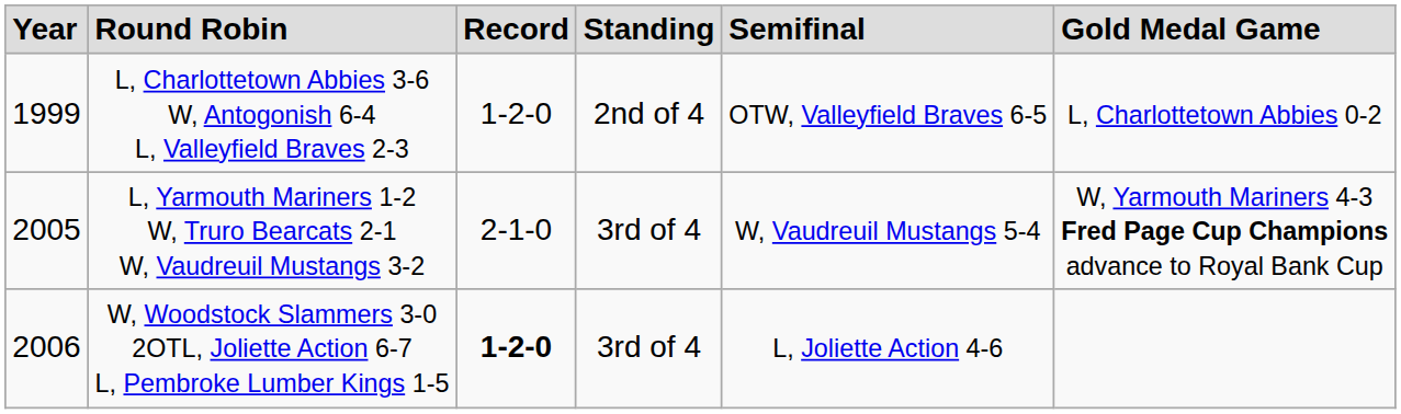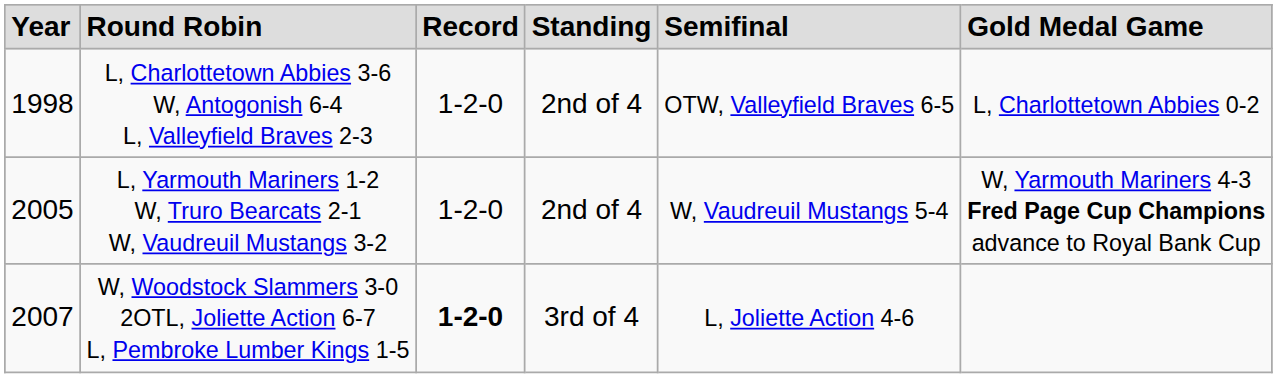 <table class="wikitable">
 <tr style="font-weight:bold; background-color:#dddddd;" |>
 <td>Year</td>
 <td>Round Robin</td>
 <td>Record</td>
 <td>Standing</td>
 <td>Semifinal</td>
 <td>Gold Medal Game</td>
 </tr>
 <tr align=center>
-<td>1999</td>
+<td>1998</td>
 <td><small>L, <a href='#'>Charlottetown Abbies</a> 3-6<br>W, <a href='#'>Antogonish</a> 6-4<br>L, <a href='#'>Valleyfield Braves</a> 2-3</small></td>
 <td>1-2-0</td>
 <td>2nd of 4</td>
 <td><small>OTW, <a href='#'>Valleyfield Braves</a> 6-5</small></td>
 <td><small>L, <a href='#'>Charlottetown Abbies</a> 0-2</small></td>
 </tr>
 <tr align=center>
 <td>2005</td>
 <td><small>L, <a href='#'>Yarmouth Mariners</a> 1-2<br>W, <a href='#'>Truro Bearcats</a> 2-1<br>W, <a href='#'>Vaudreuil Mustangs</a> 3-2</small></td>
-<td>2-1-0</td>
-<td>3rd of 4</td>
+<td>1-2-0</td>
+<td>2nd of 4</td>
 <td><small>W, <a href='#'>Vaudreuil Mustangs</a> 5-4</small></td>
 <td><small>W, <a href='#'>Yarmouth Mariners</a> 4-3<br><strong>Fred Page Cup Champions</strong><br> advance to Royal Bank Cup</small></td>
 </tr>
 <tr align=center>
-<td>2006</td>
+<td>2007</td>
 <td><small>W, <a href='#'>Woodstock Slammers</a> 3-0<br>2OTL, <a href='#'>Joliette Action</a> 6-7<br>L, <a href='#'>Pembroke Lumber Kings</a> 1-5</small></td>
 <td><strong>1-2-0</strong></td>
 <td>3rd of 4</td>
 <td><small>L, <a href='#'>Joliette Action</a> 4-6</small></td>
 <td></td>
 </tr>
 </table>
